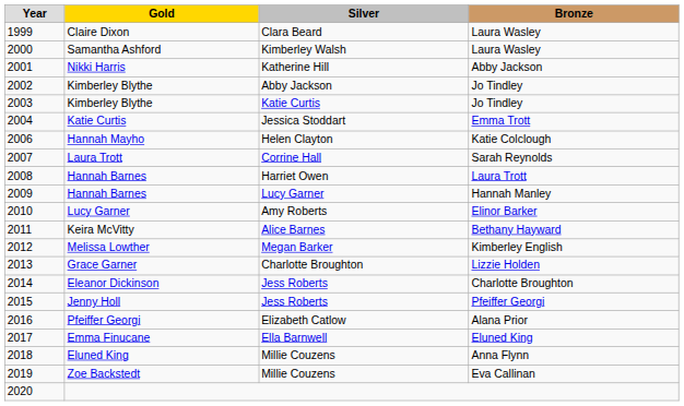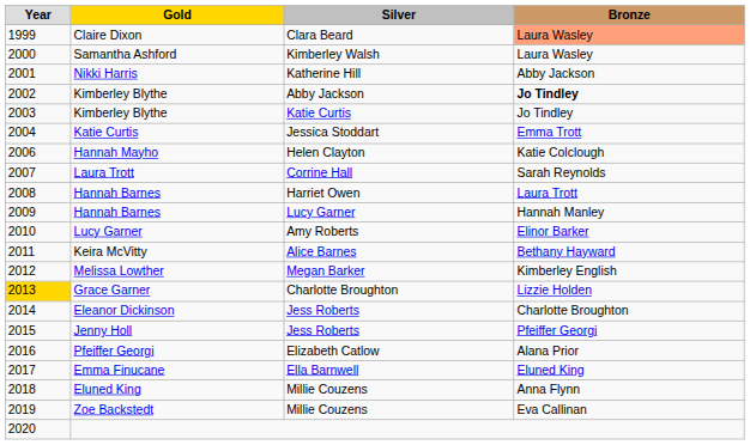 <table class="wikitable" style="width: 60%; text-align:left;">
 <tr>
 <td style="background:#DDDDDD; font-weight:bold; text-align:center;">Year</td>
 <td style="background:gold; font-weight:bold; text-align:center;">Gold</td>
 <td style="background:silver; font-weight:bold; text-align:center;">Silver</td>
 <td style="background:#cc9966; font-weight:bold; text-align:center;">Bronze</td>
 </tr>
 <tr>
 <td>1999</td>
 <td>Claire Dixon</td>
 <td>Clara Beard</td>
-<td>Laura Wasley</td>
+<td style="background: lightsalmon;">Laura Wasley</td>
 </tr>
 <tr>
 <td>2000</td>
 <td>Samantha Ashford</td>
 <td>Kimberley Walsh</td>
 <td>Laura Wasley</td>
 </tr>
 <tr>
 <td>2001</td>
 <td><a href='#'>Nikki Harris</a></td>
 <td>Katherine Hill</td>
 <td>Abby Jackson</td>
 </tr>
 <tr>
 <td>2002</td>
 <td>Kimberley Blythe</td>
 <td>Abby Jackson</td>
-<td>Jo Tindley</td>
+<td><strong>Jo Tindley</strong></td>
 </tr>
 <tr>
 <td>2003</td>
 <td>Kimberley Blythe</td>
 <td><a href='#'>Katie Curtis</a></td>
 <td>Jo Tindley</td>
 </tr>
 <tr>
 <td>2004</td>
 <td><a href='#'>Katie Curtis</a></td>
 <td>Jessica Stoddart</td>
 <td><a href='#'>Emma Trott</a></td>
 </tr>
 <tr>
 <td>2006</td>
 <td><a href='#'>Hannah Mayho</a></td>
 <td>Helen Clayton</td>
 <td>Katie Colclough</td>
 </tr>
 <tr>
 <td>2007</td>
 <td><a href='#'>Laura Trott</a></td>
 <td><a href='#'>Corrine Hall</a></td>
 <td>Sarah Reynolds</td>
 </tr>
 <tr>
 <td>2008</td>
 <td><a href='#'>Hannah Barnes</a></td>
 <td>Harriet Owen</td>
 <td><a href='#'>Laura Trott</a></td>
 </tr>
 <tr>
 <td>2009</td>
 <td><a href='#'>Hannah Barnes</a></td>
 <td><a href='#'>Lucy Garner</a></td>
 <td>Hannah Manley</td>
 </tr>
 <tr>
 <td>2010</td>
 <td><a href='#'>Lucy Garner</a></td>
 <td>Amy Roberts</td>
 <td><a href='#'>Elinor Barker</a></td>
 </tr>
 <tr>
 <td>2011</td>
 <td>Keira McVitty</td>
 <td><a href='#'>Alice Barnes</a></td>
 <td><a href='#'>Bethany Hayward</a></td>
 </tr>
 <tr>
 <td>2012</td>
 <td><a href='#'>Melissa Lowther</a></td>
 <td><a href='#'>Megan Barker</a></td>
 <td>Kimberley English</td>
 </tr>
 <tr>
-<td>2013</td>
+<td style="background: gold;">2013</td>
 <td><a href='#'>Grace Garner</a></td>
 <td>Charlotte Broughton</td>
 <td><a href='#'>Lizzie Holden</a></td>
 </tr>
 <tr>
 <td>2014</td>
 <td><a href='#'>Eleanor Dickinson</a></td>
 <td><a href='#'>Jess Roberts</a></td>
 <td>Charlotte Broughton</td>
 </tr>
 <tr>
 <td>2015</td>
 <td><a href='#'>Jenny Holl</a></td>
 <td><a href='#'>Jess Roberts</a></td>
 <td><a href='#'>Pfeiffer Georgi</a></td>
 </tr>
 <tr>
 <td>2016</td>
 <td><a href='#'>Pfeiffer Georgi</a></td>
 <td>Elizabeth Catlow</td>
 <td>Alana Prior</td>
 </tr>
 <tr>
 <td>2017</td>
 <td><a href='#'>Emma Finucane</a></td>
 <td><a href='#'>Ella Barnwell</a></td>
 <td><a href='#'>Eluned King</a></td>
 </tr>
 <tr>
 <td>2018</td>
 <td><a href='#'>Eluned King</a></td>
 <td>Millie Couzens</td>
 <td>Anna Flynn</td>
 </tr>
 <tr>
 <td>2019</td>
 <td><a href='#'>Zoe Backstedt</a></td>
 <td>Millie Couzens</td>
 <td>Eva Callinan</td>
 </tr>
 <tr>
 <td>2020</td>
 </tr>
 </table>
